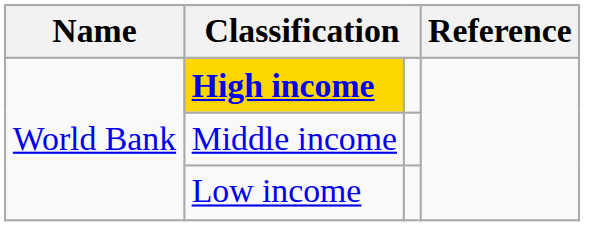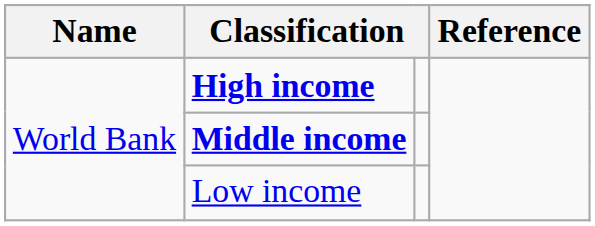 <table class="wikitable sortable" style="text-align:left">
 <tr>
 <th>Name</th>
 <th colspan="2"><strong>Classification</strong></th>
 <th>Reference</th>
 </tr>
 <tr>
 <td rowspan="3"><a href='#'>World Bank</a></td>
-<td style="background: gold;"><a href='#'><strong>High income</strong></a></td>
+<td><a href='#'><strong>High income</strong></a></td>
 <td></td>
 <td rowspan="3"></td>
 </tr>
 <tr>
-<td><a href='#'>Middle income</a></td>
+<td><strong><a href='#'>Middle income</a></strong></td>
 <td></td>
 </tr>
 <tr>
 <td><a href='#'>Low income</a></td>
 <td></td>
 </tr>
 </table>
